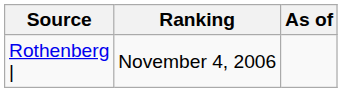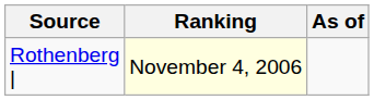 <table class="wikitable" style="text-align:center">
 <tr>
 <th>Source</th>
 <th>Ranking</th>
 <th>As of</th>
 </tr>
 <tr>
 <td align=left><a href='#'>Rothenberg</a><br>| </td>
-<td>November 4, 2006</td>
+<td style="background: lightyellow;">November 4, 2006</td>
 </tr>
 </table>
